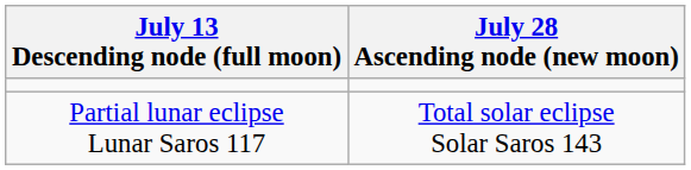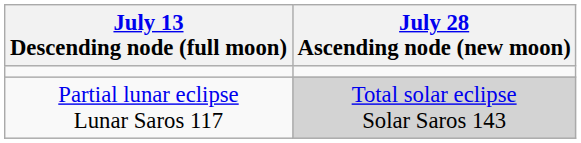 <table class="wikitable">
 <tr>
 <th><a href='#'>July 13</a><br>Descending node (full moon)<br></th>
 <th><a href='#'>July 28</a><br>Ascending node (new moon)<br></th>
 </tr>
 <tr>
 <td></td>
 <td></td>
 </tr>
 <tr align=center>
 <td><a href='#'>Partial lunar eclipse</a><br>Lunar Saros 117</td>
-<td><a href='#'>Total solar eclipse</a><br>Solar Saros 143</td>
+<td style="background: lightgrey;"><a href='#'>Total solar eclipse</a><br>Solar Saros 143</td>
 </tr>
 </table>
